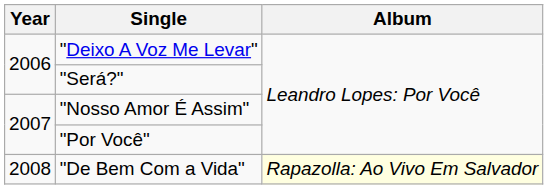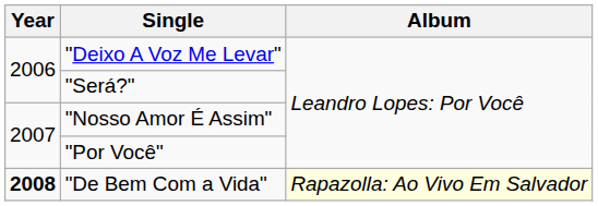 <table class="wikitable" style="text-align:center;">
 <tr>
 <th>Year</th>
 <th>Single</th>
 <th>Album</th>
 </tr>
 <tr>
 <td rowspan=2>2006</td>
 <td align="left">"<a href='#'>Deixo A Voz Me Levar</a>"</td>
 <td align="left" rowspan=4><em>Leandro Lopes: Por Você</em></td>
 </tr>
 <tr>
 <td align="left">"Será?"</td>
 </tr>
 <tr>
 <td rowspan=2>2007</td>
 <td align="left">"Nosso Amor É Assim"</td>
 </tr>
 <tr>
 <td align="left">"Por Você"</td>
 </tr>
 <tr>
-<td rowspan=1>2008</td>
+<td rowspan=1><strong>2008</strong></td>
 <td align="left">"De Bem Com a Vida"</td>
 <td align="left" style="background: lightyellow;"><em>Rapazolla: Ao Vivo Em Salvador</em></td>
 </tr>
 </table>
